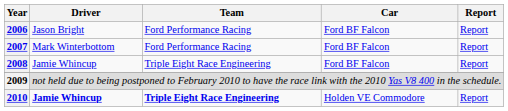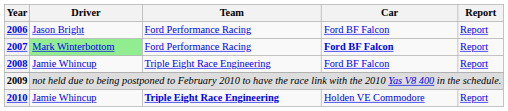 <table class="wikitable" style="font-size: 95%;">
 <tr>
 <th>Year</th>
 <th>Driver</th>
 <th>Team</th>
 <th>Car</th>
 <th>Report</th>
 </tr>
 <tr>
 <th><a href='#'>2006</a></th>
 <td> <a href='#'>Jason Bright</a></td>
 <td><a href='#'>Ford Performance Racing</a></td>
 <td><a href='#'>Ford BF Falcon</a></td>
 <td><a href='#'>Report</a></td>
 </tr>
 <tr>
 <th><a href='#'>2007</a></th>
-<td> <a href='#'>Mark Winterbottom</a></td>
+<td style="background: lightgreen;"> <a href='#'>Mark Winterbottom</a></td>
 <td><a href='#'>Ford Performance Racing</a></td>
-<td><a href='#'>Ford BF Falcon</a></td>
+<td><strong><a href='#'>Ford BF Falcon</a></strong></td>
 <td><a href='#'>Report</a></td>
 </tr>
 <tr>
 <th><a href='#'>2008</a></th>
 <td> <a href='#'>Jamie Whincup</a></td>
 <td><a href='#'>Triple Eight Race Engineering</a></td>
 <td><a href='#'>Ford BF Falcon</a></td>
 <td><a href='#'>Report</a></td>
 </tr>
 <tr>
 </tr>
 <tr style="background: #dddddd">
 <th>2009</th>
 <td align="center" colspan="4"><em>not held due to being postponed to February 2010 to have the race link with the 2010 <a href='#'>Yas V8 400</a> in the schedule.</em></td>
 </tr>
 <tr>
 <th><a href='#'>2010</a></th>
-<td><strong> <a href='#'>Jamie Whincup</a></strong></td>
+<td> <a href='#'>Jamie Whincup</a></td>
 <td><strong><a href='#'>Triple Eight Race Engineering</a></strong></td>
 <td><a href='#'>Holden VE Commodore</a></td>
 <td><a href='#'>Report</a></td>
 </tr>
 </table>
